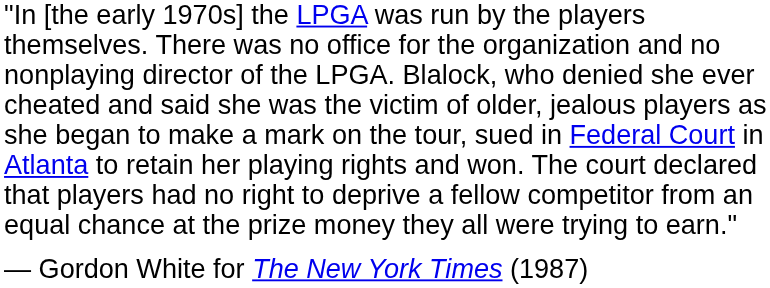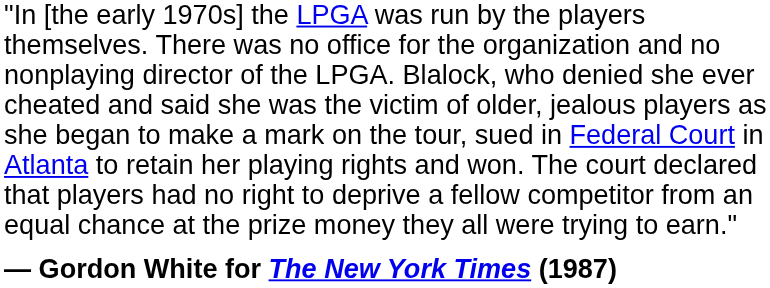 <table class="toccolours" style="float: right; margin-left: 2em; margin-right: 0em; font-size: 90%; background:offwhite; color:black; width:30em; max-width: 40%;" cellspacing="5">
 <tr>
 <td style="text-align: left;">"In [the early 1970s] the <a href='#'>LPGA</a> was run by the players themselves. There was no office for the organization and no nonplaying director of the LPGA. Blalock, who denied she ever cheated and said she was the victim of older, jealous players as she began to make a mark on the tour, sued in <a href='#'>Federal Court</a> in <a href='#'>Atlanta</a> to retain her playing rights and won. The court declared that players had no right to deprive a fellow competitor from an equal chance at the prize money they all were trying to earn."</td>
 </tr>
 <tr>
-<td style="text-align: left;">— Gordon White for <em><a href='#'>The New York Times</a></em> (1987)</td>
+<td style="text-align: left;"><strong>— Gordon White for <em><a href='#'>The New York Times</a></em> (1987)</strong></td>
 </tr>
 </table>
